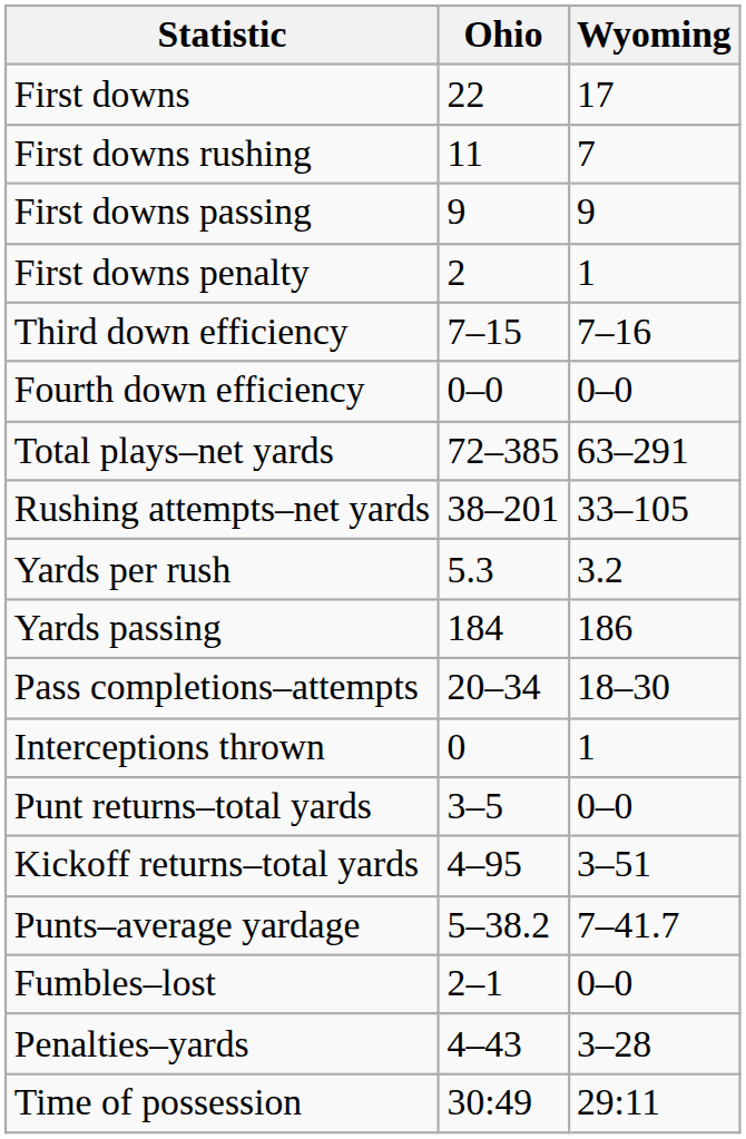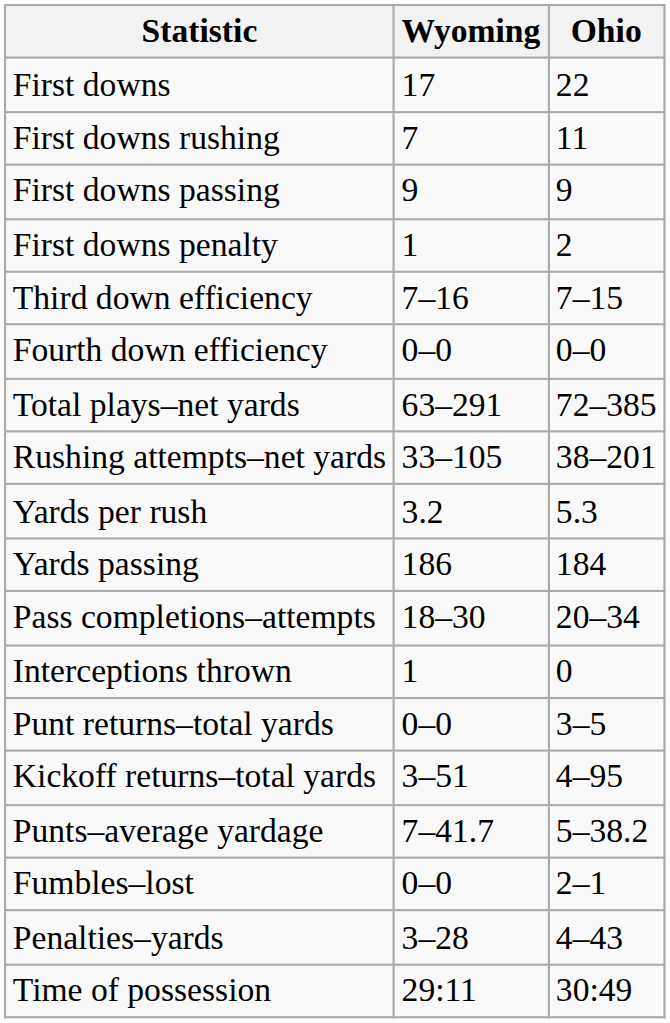 <table class="wikitable">
 <tr>
 <th>Statistic</th>
+<th><strong>Wyoming</strong></th>
 <th><strong>Ohio</strong></th>
-<th><strong>Wyoming</strong></th>
 </tr>
 <tr>
 <td>First downs</td>
+<td>17</td>
 <td>22</td>
-<td>17</td>
 </tr>
 <tr>
 <td>First downs rushing</td>
+<td>7</td>
 <td>11</td>
-<td>7</td>
 </tr>
 <tr>
 <td>First downs passing</td>
 <td>9</td>
 <td>9</td>
 </tr>
 <tr>
 <td>First downs penalty</td>
+<td>1</td>
 <td>2</td>
-<td>1</td>
 </tr>
 <tr>
 <td>Third down efficiency</td>
+<td>7–16</td>
 <td>7–15</td>
-<td>7–16</td>
 </tr>
 <tr>
 <td>Fourth down efficiency</td>
 <td>0–0</td>
 <td>0–0</td>
 </tr>
 <tr>
 <td>Total plays–net yards</td>
+<td>63–291</td>
 <td>72–385</td>
-<td>63–291</td>
 </tr>
 <tr>
 <td>Rushing attempts–net yards</td>
+<td>33–105</td>
 <td>38–201</td>
-<td>33–105</td>
 </tr>
 <tr>
 <td>Yards per rush</td>
+<td>3.2</td>
 <td>5.3</td>
-<td>3.2</td>
 </tr>
 <tr>
 <td>Yards passing</td>
+<td>186</td>
 <td>184</td>
-<td>186</td>
 </tr>
 <tr>
 <td>Pass completions–attempts</td>
+<td>18–30</td>
 <td>20–34</td>
-<td>18–30</td>
 </tr>
 <tr>
 <td>Interceptions thrown</td>
+<td>1</td>
 <td>0</td>
-<td>1</td>
 </tr>
 <tr>
 <td>Punt returns–total yards</td>
+<td>0–0</td>
 <td>3–5</td>
-<td>0–0</td>
 </tr>
 <tr>
 <td>Kickoff returns–total yards</td>
+<td>3–51</td>
 <td>4–95</td>
-<td>3–51</td>
 </tr>
 <tr>
 <td>Punts–average yardage</td>
+<td>7–41.7</td>
 <td>5–38.2</td>
-<td>7–41.7</td>
 </tr>
 <tr>
 <td>Fumbles–lost</td>
+<td>0–0</td>
 <td>2–1</td>
-<td>0–0</td>
 </tr>
 <tr>
 <td>Penalties–yards</td>
+<td>3–28</td>
 <td>4–43</td>
-<td>3–28</td>
 </tr>
 <tr>
 <td>Time of possession</td>
+<td>29:11</td>
 <td>30:49</td>
-<td>29:11</td>
 </tr>
 </table>
